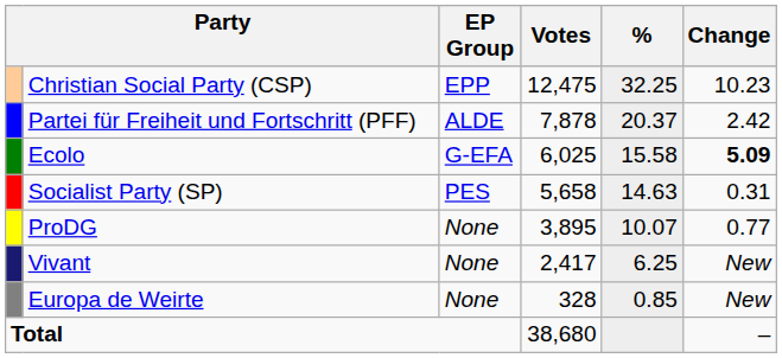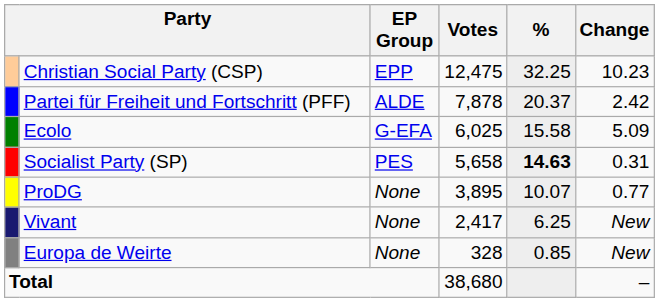 <table class="wikitable" border="1">
 <tr style="background-color:#C9C9C9">
 <th align=left colspan=2 valign=top width=300>Party</th>
 <th align=left width=50>EP Group</th>
 <th align=right width=50>Votes</th>
 <th align=right width=50>%</th>
 <th align=right width=50>Change</th>
 </tr>
 <tr>
 <td bgcolor="#FFCC99"> </td>
 <td align=left><a href='#'>Christian Social Party</a> (CSP)</td>
 <td align=left><a href='#'>EPP</a></td>
 <td align=right>12,475</td>
 <td align=right style="background-color:#EEEEEE">32.25</td>
 <td align=right> 10.23</td>
 </tr>
 <tr>
 <td bgcolor="blue"> </td>
 <td align=left><a href='#'>Partei für Freiheit und Fortschritt</a> (PFF)</td>
 <td align=left><a href='#'>ALDE</a></td>
 <td align=right>7,878</td>
 <td align=right style="background-color:#EEEEEE">20.37</td>
 <td align=right> 2.42</td>
 </tr>
 <tr>
 <td bgcolor="green"> </td>
 <td align=left><a href='#'>Ecolo</a></td>
 <td align=left><a href='#'>G-EFA</a></td>
 <td align=right>6,025</td>
 <td align=right style="background-color:#EEEEEE">15.58</td>
-<td align=right><strong> 5.09</strong></td>
+<td align=right> 5.09</td>
 </tr>
 <tr>
 <td bgcolor="red"> </td>
 <td align=left><a href='#'>Socialist Party</a> (SP)</td>
 <td align=left><a href='#'>PES</a></td>
 <td align=right>5,658</td>
-<td align=right style="background-color:#EEEEEE">14.63</td>
+<td align=right style="background-color:#EEEEEE"><strong>14.63</strong></td>
 <td align=right> 0.31</td>
 </tr>
 <tr>
 <td bgcolor="yellow"> </td>
 <td align=left><a href='#'>ProDG</a></td>
 <td align=left><em>None</em></td>
 <td align=right>3,895</td>
 <td align=right style="background-color:#EEEEEE">10.07</td>
 <td align=right> 0.77</td>
 </tr>
 <tr>
 <td bgcolor="191970"> </td>
 <td align=left><a href='#'>Vivant</a></td>
 <td align=left><em>None</em></td>
 <td align=right>2,417</td>
 <td align=right style="background-color:#EEEEEE">6.25</td>
 <td align=right><em>New</em></td>
 </tr>
 <tr>
 <td bgcolor="grey"> </td>
 <td align=left><a href='#'>Europa de Weirte</a></td>
 <td align=left><em>None</em></td>
 <td align=right>328</td>
 <td align=right style="background-color:#EEEEEE">0.85</td>
 <td align=right><em>New</em></td>
 </tr>
 <tr>
 <td align=left colspan=3><strong>Total</strong></td>
 <td align=right>38,680</td>
 <td align=right style="background-color:#EEEEEE"></td>
 <td align=right>–</td>
 </tr>
 </table>
